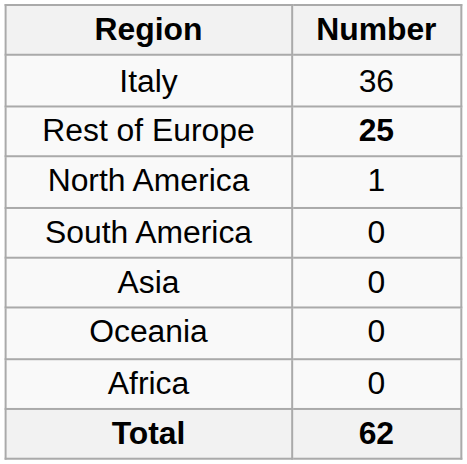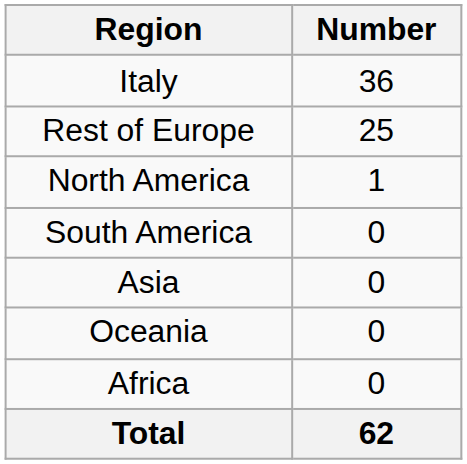 <table class="wikitable sortable" style="width:230px; float:right; margin:0 1em;">
 <tr>
 <th scope="col">Region</th>
 <th scope="col">Number</th>
 </tr>
 <tr>
 <td style="text-align:center" scope="row">Italy</td>
 <td style="text-align:center">36</td>
 </tr>
 <tr>
 <td style="text-align:center" scope="row" data-sort-value="Europe, Rest of">Rest of Europe</td>
-<td style="text-align:center"><strong>25</strong></td>
+<td style="text-align:center">25</td>
 </tr>
 <tr>
 <td style="text-align:center" scope="row" data-sort-value="America, North">North America</td>
 <td style="text-align:center">1</td>
 </tr>
 <tr>
 <td style="text-align:center" scope="row" data-sort-value="America, South">South America</td>
 <td style="text-align:center">0</td>
 </tr>
 <tr>
 <td style="text-align:center" scope="row">Asia</td>
 <td style="text-align:center">0</td>
 </tr>
 <tr>
 <td style="text-align:center" scope="row">Oceania</td>
 <td style="text-align:center">0</td>
 </tr>
 <tr>
 <td style="text-align:center" scope="row">Africa</td>
 <td style="text-align:center">0</td>
 </tr>
 <tr>
 <th scope="row">Total</th>
 <th>62</th>
 </tr>
 </table>
